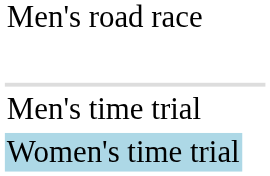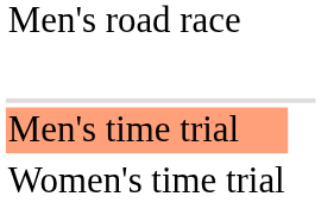 <table>
 <tr>
 <td>Men's road race<br></td>
 <td></td>
 <td></td>
 <td></td>
 </tr>
 <tr>
 <td><br></td>
 <td></td>
 <td></td>
 <td></td>
 </tr>
 <tr bgcolor=#DDDDDD>
 <td colspan=7></td>
 </tr>
 <tr>
-<td>Men's time trial<br></td>
+<td style="background: lightsalmon;">Men's time trial<br></td>
 <td></td>
 <td></td>
 <td></td>
 </tr>
 <tr>
-<td style="background: lightblue;">Women's time trial<br></td>
+<td>Women's time trial<br></td>
 <td></td>
 <td></td>
 <td></td>
 </tr>
 </table>
